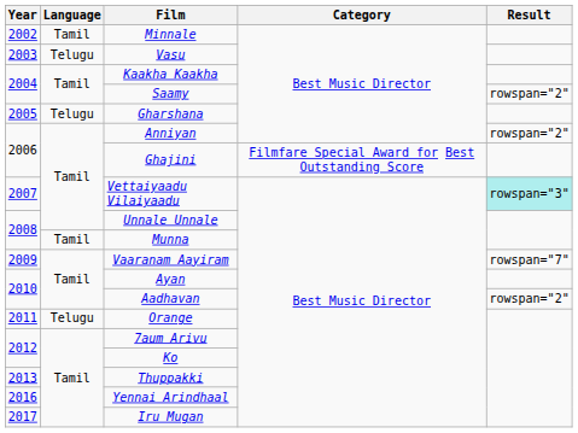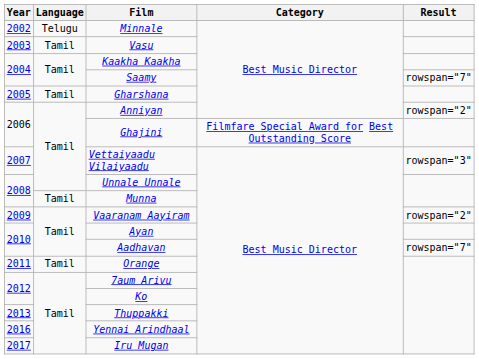 <table class="wikitable">
 <tr>
 <th>Year</th>
 <th>Language</th>
 <th>Film</th>
 <th>Category</th>
 <th>Result</th>
 </tr>
 <tr>
 <td style="text-align:center;"><a href='#'>2002</a></td>
-<td style="text-align:center;">Tamil</td>
+<td style="text-align:center;">Telugu</td>
 <td style="text-align:center;"><em><a href='#'>Minnale</a></em></td>
 <td style="text-align:center;" rowspan="6"><a href='#'>Best Music Director</a></td>
 <td></td>
 </tr>
 <tr>
 <td style="text-align:center;"><a href='#'>2003</a></td>
-<td style="text-align:center;">Telugu</td>
+<td style="text-align:center;">Tamil</td>
 <td style="text-align:center;"><em><a href='#'>Vasu</a></em></td>
 <td></td>
 </tr>
 <tr>
 <td style="text-align:center;" rowspan="2"><a href='#'>2004</a></td>
 <td style="text-align:center;" rowspan="2">Tamil</td>
 <td style="text-align:center;"><em><a href='#'>Kaakha Kaakha</a></em></td>
 <td></td>
 </tr>
 <tr>
 <td style="text-align:center;"><em><a href='#'>Saamy</a></em></td>
-<td>rowspan="2" </td>
+<td>rowspan="7" </td>
 </tr>
 <tr>
 <td style="text-align:center;"><a href='#'>2005</a></td>
-<td style="text-align:center;">Telugu</td>
+<td style="text-align:center;">Tamil</td>
 <td style="text-align:center;"><em><a href='#'>Gharshana</a></em></td>
 </tr>
 <tr>
 <td style="text-align:center;" rowspan="2">2006</td>
 <td style="text-align:center;" rowspan="4">Tamil</td>
 <td style="text-align:center;"><em><a href='#'>Anniyan</a></em></td>
 <td>rowspan="2" </td>
 </tr>
 <tr>
 <td style="text-align:center;"><em><a href='#'>Ghajini</a></em></td>
 <td style="text-align:center;"><a href='#'>Filmfare Special Award for</a> <a href='#'>Best Outstanding Score</a></td>
 </tr>
 <tr>
 <td style="text-align:center;"><a href='#'>2007</a></td>
 <td><em><a href='#'>Vettaiyaadu Vilaiyaadu</a></em></td>
 <td style="text-align:center;" rowspan="12"><a href='#'>Best Music Director</a></td>
-<td style="background: paleturquoise;">rowspan="3" </td>
+<td>rowspan="3" </td>
 </tr>
 <tr>
 <td style="text-align:center;" rowspan="2"><a href='#'>2008</a></td>
 <td style="text-align:center;"><em><a href='#'>Unnale Unnale</a></em></td>
 </tr>
 <tr>
 <td style="text-align:center;">Tamil</td>
 <td style="text-align:center;"><em><a href='#'>Munna</a></em></td>
 </tr>
 <tr>
 <td style="text-align:center;"><a href='#'>2009</a></td>
 <td style="text-align:center;" rowspan="3">Tamil</td>
 <td style="text-align:center;"><em><a href='#'>Vaaranam Aayiram</a></em></td>
-<td>rowspan="7" </td>
+<td>rowspan="2" </td>
 </tr>
 <tr>
 <td style="text-align:center;" rowspan="2"><a href='#'>2010</a></td>
 <td style="text-align:center;"><em><a href='#'>Ayan</a></em></td>
 </tr>
 <tr>
 <td style="text-align:center;"><em><a href='#'>Aadhavan</a></em></td>
-<td>rowspan="2" </td>
+<td>rowspan="7" </td>
 </tr>
 <tr>
 <td style="text-align:center;"><a href='#'>2011</a></td>
-<td style="text-align:center;">Telugu</td>
+<td style="text-align:center;">Tamil</td>
 <td style="text-align:center;"><em><a href='#'>Orange</a></em></td>
 </tr>
 <tr>
 <td style="text-align:center;" rowspan="2"><a href='#'>2012</a></td>
 <td style="text-align:center;" rowspan="5">Tamil</td>
 <td style="text-align:center;"><em><a href='#'>7aum Arivu</a></em></td>
 </tr>
 <tr>
 <td style="text-align:center;"><em><a href='#'>Ko</a></em></td>
 </tr>
 <tr>
 <td style="text-align:center;"><a href='#'>2013</a></td>
 <td style="text-align:center;"><em><a href='#'>Thuppakki</a></em></td>
 </tr>
 <tr>
 <td style="text-align:center;"><a href='#'>2016</a></td>
 <td style="text-align:center;"><em><a href='#'>Yennai Arindhaal</a></em></td>
 </tr>
 <tr>
 <td style="text-align:center;"><a href='#'>2017</a></td>
 <td style="text-align:center;"><em><a href='#'>Iru Mugan</a></em></td>
 </tr>
 </table>
